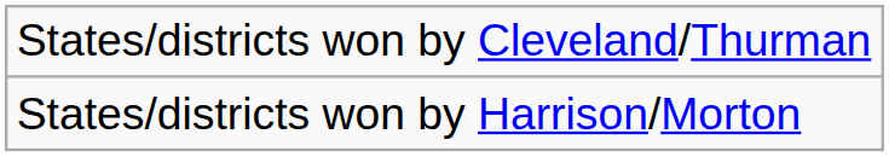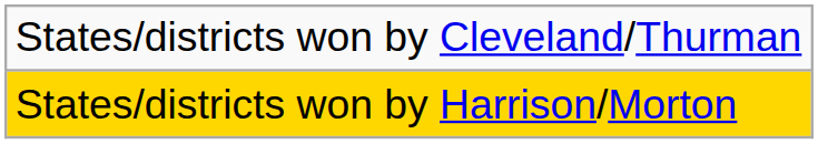 <table class="wikitable">
 <tr>
 <td>States/districts won by <a href='#'>Cleveland</a>/<a href='#'>Thurman</a></td>
 </tr>
 <tr>
-<td>States/districts won by <a href='#'>Harrison</a>/<a href='#'>Morton</a></td>
+<td style="background: gold;">States/districts won by <a href='#'>Harrison</a>/<a href='#'>Morton</a></td>
 </tr>
 </table>
